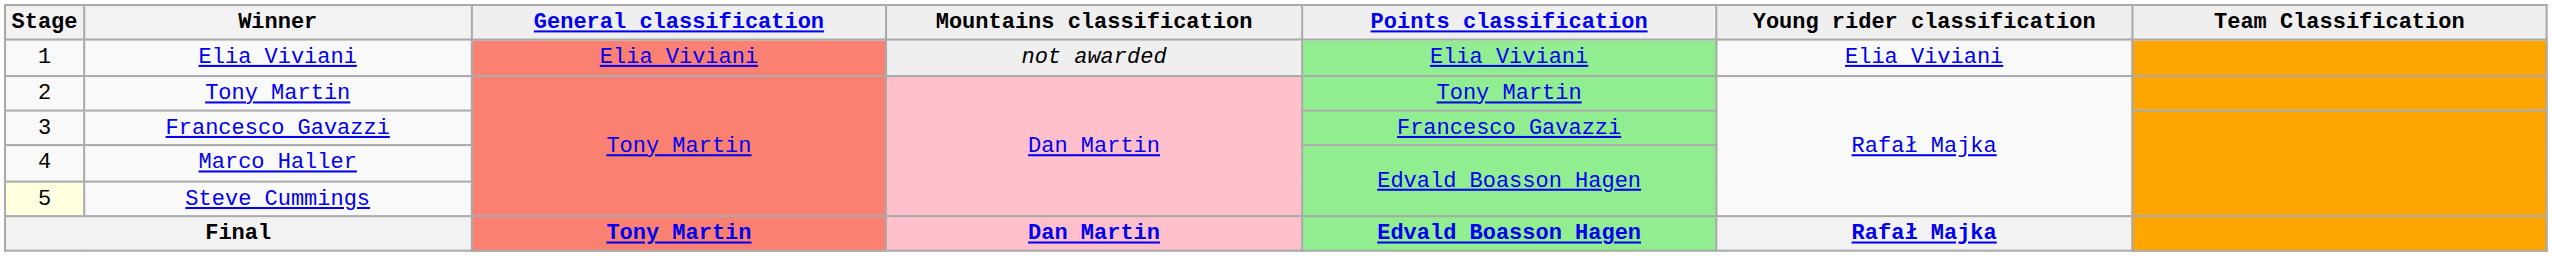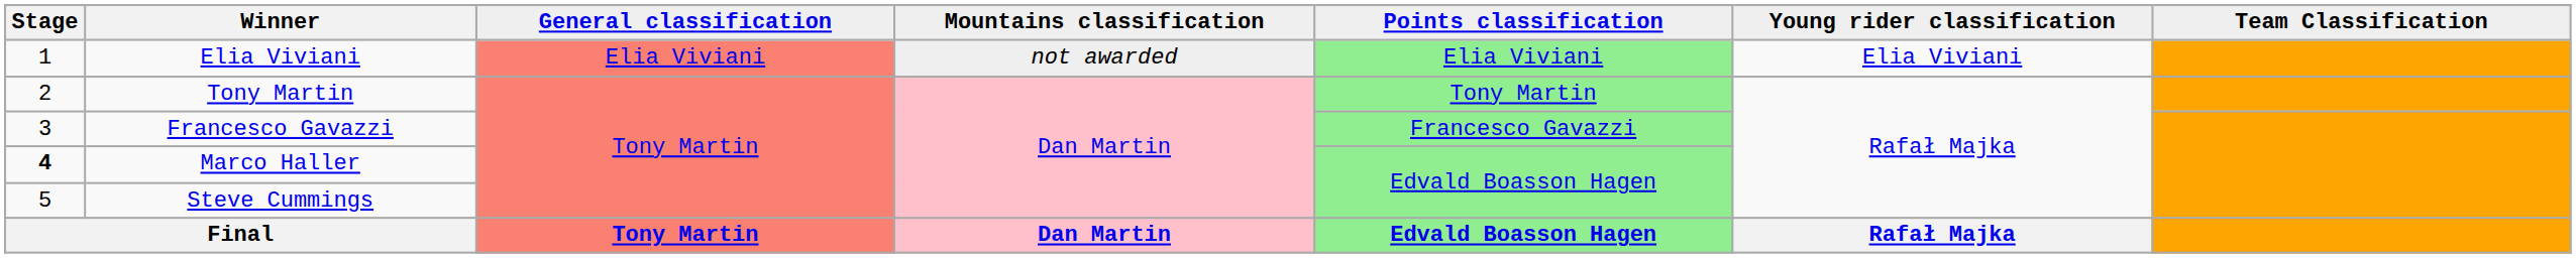 <table class="wikitable" style="text-align: center; font-size:smaller;">
 <tr style="background-color: #efefef;">
 <th width="1%">Stage</th>
 <th width="14%">Winner</th>
 <th style="background:#EFEFEF;" width="15%"><a href='#'>General classification</a><br></th>
 <th style="background:#EFEFEF;" width="15%">Mountains classification<br></th>
 <th style="background:#EFEFEF;" width="15%"><a href='#'>Points classification</a><br></th>
 <th style="background:#EFEFEF;" width="15%">Young rider classification<br></th>
 <th style="background:#EFEFEF;" width="15%">Team Classification</th>
 </tr>
 <tr>
 <td>1</td>
 <td><a href='#'>Elia Viviani</a></td>
 <td style="background:salmon;"><a href='#'>Elia Viviani</a></td>
 <td style="background:#EFEFEF;"><em>not awarded</em></td>
 <td style="background:lightgreen;"><a href='#'>Elia Viviani</a></td>
 <td style="background:offwhite;"><a href='#'>Elia Viviani</a></td>
 <td style="background:orange;"></td>
 </tr>
 <tr>
 <td>2</td>
 <td><a href='#'>Tony Martin</a></td>
 <td style="background:salmon;" rowspan=4><a href='#'>Tony Martin</a></td>
 <td style="background:pink;" rowspan=4><a href='#'>Dan Martin</a></td>
 <td style="background:lightgreen;"><a href='#'>Tony Martin</a></td>
 <td style="background:offwhite;" rowspan=4><a href='#'>Rafał Majka</a></td>
 <td style="background:orange;"></td>
 </tr>
 <tr>
 <td>3</td>
 <td><a href='#'>Francesco Gavazzi</a></td>
 <td style="background:lightgreen;"><a href='#'>Francesco Gavazzi</a></td>
 <td style="background:orange;" rowspan=3></td>
 </tr>
 <tr>
-<td>4</td>
+<td><strong>4</strong></td>
 <td><a href='#'>Marco Haller</a></td>
 <td style="background:lightgreen;" rowspan=2><a href='#'>Edvald Boasson Hagen</a></td>
 </tr>
 <tr>
-<td style="background: lightyellow;">5</td>
+<td>5</td>
 <td><a href='#'>Steve Cummings</a></td>
 </tr>
 <tr>
 <th colspan=2><strong>Final</strong></th>
 <th style="background:salmon;"><a href='#'>Tony Martin</a></th>
 <th style="background:pink;"><a href='#'>Dan Martin</a></th>
 <th style="background:lightgreen;"><a href='#'>Edvald Boasson Hagen</a></th>
 <th style="background:offwhite;"><a href='#'>Rafał Majka</a></th>
 <th style="background:orange;"></th>
 </tr>
 </table>
